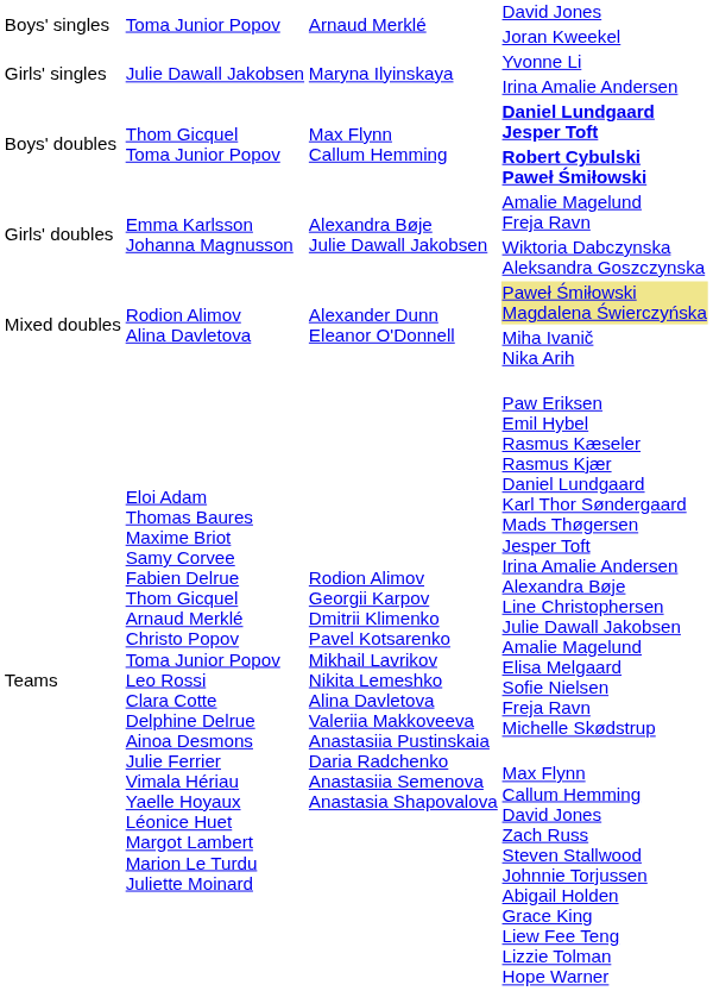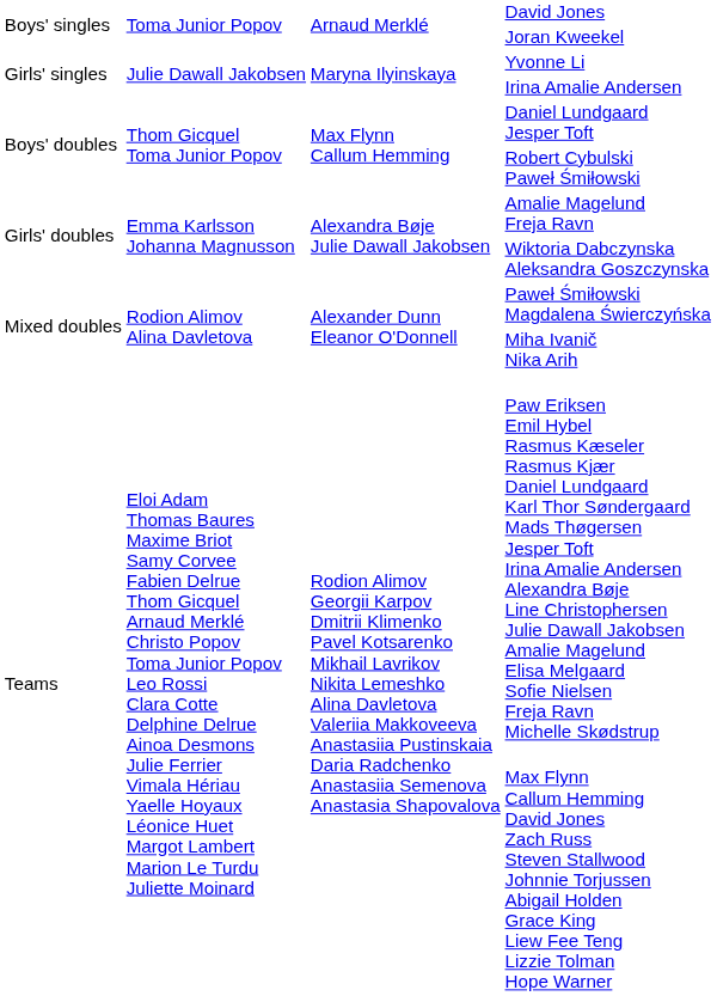 <table>
 <tr>
 <td rowspan=2>Boys' singles<br></td>
 <td rowspan=2> <a href='#'>Toma Junior Popov</a></td>
 <td rowspan=2> <a href='#'>Arnaud Merklé</a></td>
 <td> <a href='#'>David Jones</a></td>
 </tr>
 <tr>
 <td> <a href='#'>Joran Kweekel</a></td>
 </tr>
 <tr>
 <td rowspan=2>Girls' singles<br></td>
 <td rowspan=2> <a href='#'>Julie Dawall Jakobsen</a></td>
 <td rowspan=2> <a href='#'>Maryna Ilyinskaya</a></td>
 <td> <a href='#'>Yvonne Li</a></td>
 </tr>
 <tr>
 <td> <a href='#'>Irina Amalie Andersen</a></td>
 </tr>
 <tr>
 <td rowspan=2>Boys' doubles<br></td>
 <td rowspan=2> <a href='#'>Thom Gicquel</a><br> <a href='#'>Toma Junior Popov</a></td>
 <td rowspan=2> <a href='#'>Max Flynn</a><br> <a href='#'>Callum Hemming</a></td>
-<td><strong> <a href='#'>Daniel Lundgaard</a><br> <a href='#'>Jesper Toft</a></strong></td>
+<td> <a href='#'>Daniel Lundgaard</a><br> <a href='#'>Jesper Toft</a></td>
 </tr>
 <tr>
-<td><strong> <a href='#'>Robert Cybulski</a><br> <a href='#'>Paweł Śmiłowski</a></strong></td>
+<td> <a href='#'>Robert Cybulski</a><br> <a href='#'>Paweł Śmiłowski</a></td>
 </tr>
 <tr>
 <td rowspan=2>Girls' doubles<br></td>
 <td rowspan=2> <a href='#'>Emma Karlsson</a><br> <a href='#'>Johanna Magnusson</a></td>
 <td rowspan=2> <a href='#'>Alexandra Bøje</a><br> <a href='#'>Julie Dawall Jakobsen</a></td>
 <td> <a href='#'>Amalie Magelund</a><br> <a href='#'>Freja Ravn</a></td>
 </tr>
 <tr>
 <td> <a href='#'>Wiktoria Dabczynska</a><br> <a href='#'>Aleksandra Goszczynska</a></td>
 </tr>
 <tr>
 <td rowspan=2>Mixed doubles<br></td>
 <td rowspan=2> <a href='#'>Rodion Alimov</a><br> <a href='#'>Alina Davletova</a></td>
 <td rowspan=2> <a href='#'>Alexander Dunn</a><br> <a href='#'>Eleanor O'Donnell</a></td>
-<td style="background: khaki;"> <a href='#'>Paweł Śmiłowski</a><br> <a href='#'>Magdalena Świerczyńska</a></td>
+<td> <a href='#'>Paweł Śmiłowski</a><br> <a href='#'>Magdalena Świerczyńska</a></td>
 </tr>
 <tr>
 <td> <a href='#'>Miha Ivanič</a><br> <a href='#'>Nika Arih</a></td>
 </tr>
 <tr>
 <td rowspan=2>Teams</td>
 <td rowspan=2><br><a href='#'>Eloi Adam</a><br><a href='#'>Thomas Baures</a><br><a href='#'>Maxime Briot</a><br><a href='#'>Samy Corvee</a><br><a href='#'>Fabien Delrue</a><br><a href='#'>Thom Gicquel</a><br><a href='#'>Arnaud Merklé</a><br><a href='#'>Christo Popov</a><br><a href='#'>Toma Junior Popov</a><br><a href='#'>Leo Rossi</a><br><a href='#'>Clara Cotte</a><br><a href='#'>Delphine Delrue</a><br><a href='#'>Ainoa Desmons</a><br><a href='#'>Julie Ferrier</a><br><a href='#'>Vimala Hériau</a><br><a href='#'>Yaelle Hoyaux</a><br><a href='#'>Léonice Huet</a><br><a href='#'>Margot Lambert</a><br><a href='#'>Marion Le Turdu</a><br><a href='#'>Juliette Moinard</a></td>
 <td rowspan=2><br><a href='#'>Rodion Alimov</a><br><a href='#'>Georgii Karpov</a><br><a href='#'>Dmitrii Klimenko</a><br><a href='#'>Pavel Kotsarenko</a><br><a href='#'>Mikhail Lavrikov</a><br><a href='#'>Nikita Lemeshko</a><br><a href='#'>Alina Davletova</a><br><a href='#'>Valeriia Makkoveeva</a><br><a href='#'>Anastasiia Pustinskaia</a><br><a href='#'>Daria Radchenko</a><br><a href='#'>Anastasiia Semenova</a><br><a href='#'>Anastasia Shapovalova</a></td>
 <td><br><a href='#'>Paw Eriksen</a><br><a href='#'>Emil Hybel</a><br><a href='#'>Rasmus Kæseler</a><br><a href='#'>Rasmus Kjær</a><br><a href='#'>Daniel Lundgaard</a><br><a href='#'>Karl Thor Søndergaard</a><br><a href='#'>Mads Thøgersen</a><br><a href='#'>Jesper Toft</a><br><a href='#'>Irina Amalie Andersen</a><br><a href='#'>Alexandra Bøje</a><br><a href='#'>Line Christophersen</a><br><a href='#'>Julie Dawall Jakobsen</a><br><a href='#'>Amalie Magelund</a><br><a href='#'>Elisa Melgaard</a><br><a href='#'>Sofie Nielsen</a><br><a href='#'>Freja Ravn</a><br><a href='#'>Michelle Skødstrup</a></td>
 </tr>
 <tr>
 <td><br><a href='#'>Max Flynn</a><br><a href='#'>Callum Hemming</a><br><a href='#'>David Jones</a><br><a href='#'>Zach Russ</a><br><a href='#'>Steven Stallwood</a><br><a href='#'>Johnnie Torjussen</a><br><a href='#'>Abigail Holden</a><br><a href='#'>Grace King</a><br><a href='#'>Liew Fee Teng</a><br><a href='#'>Lizzie Tolman</a><br><a href='#'>Hope Warner</a></td>
 </tr>
 </table>
